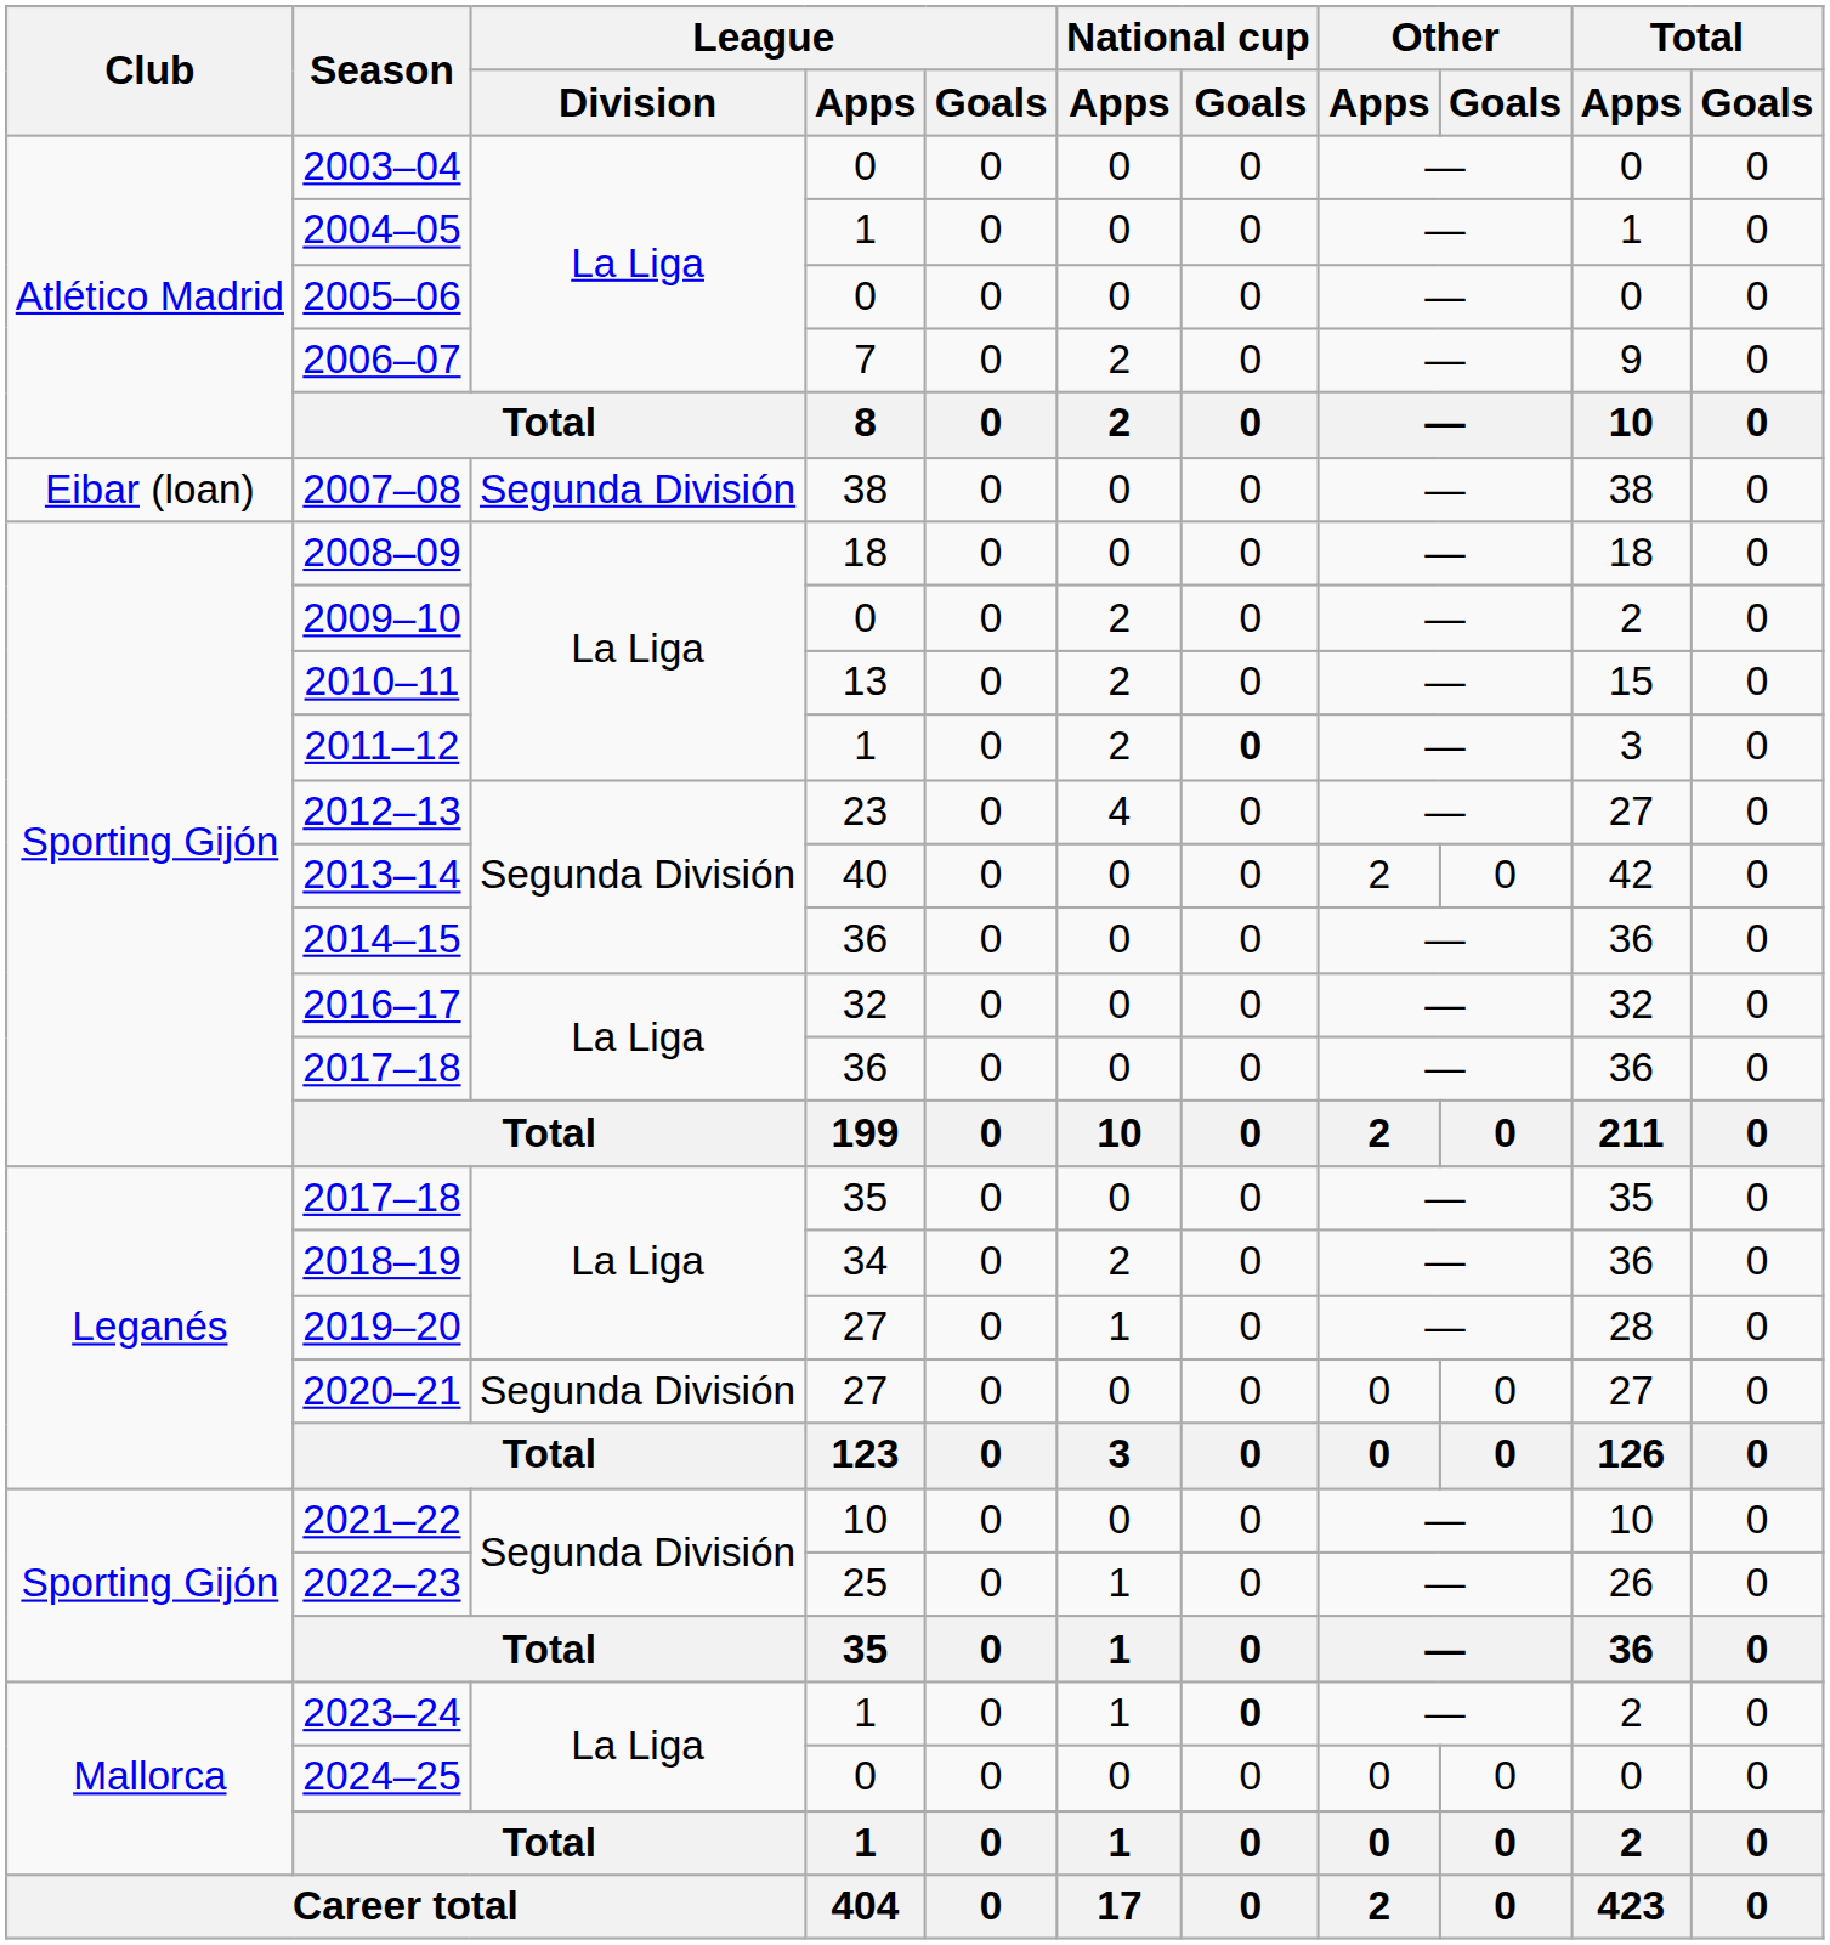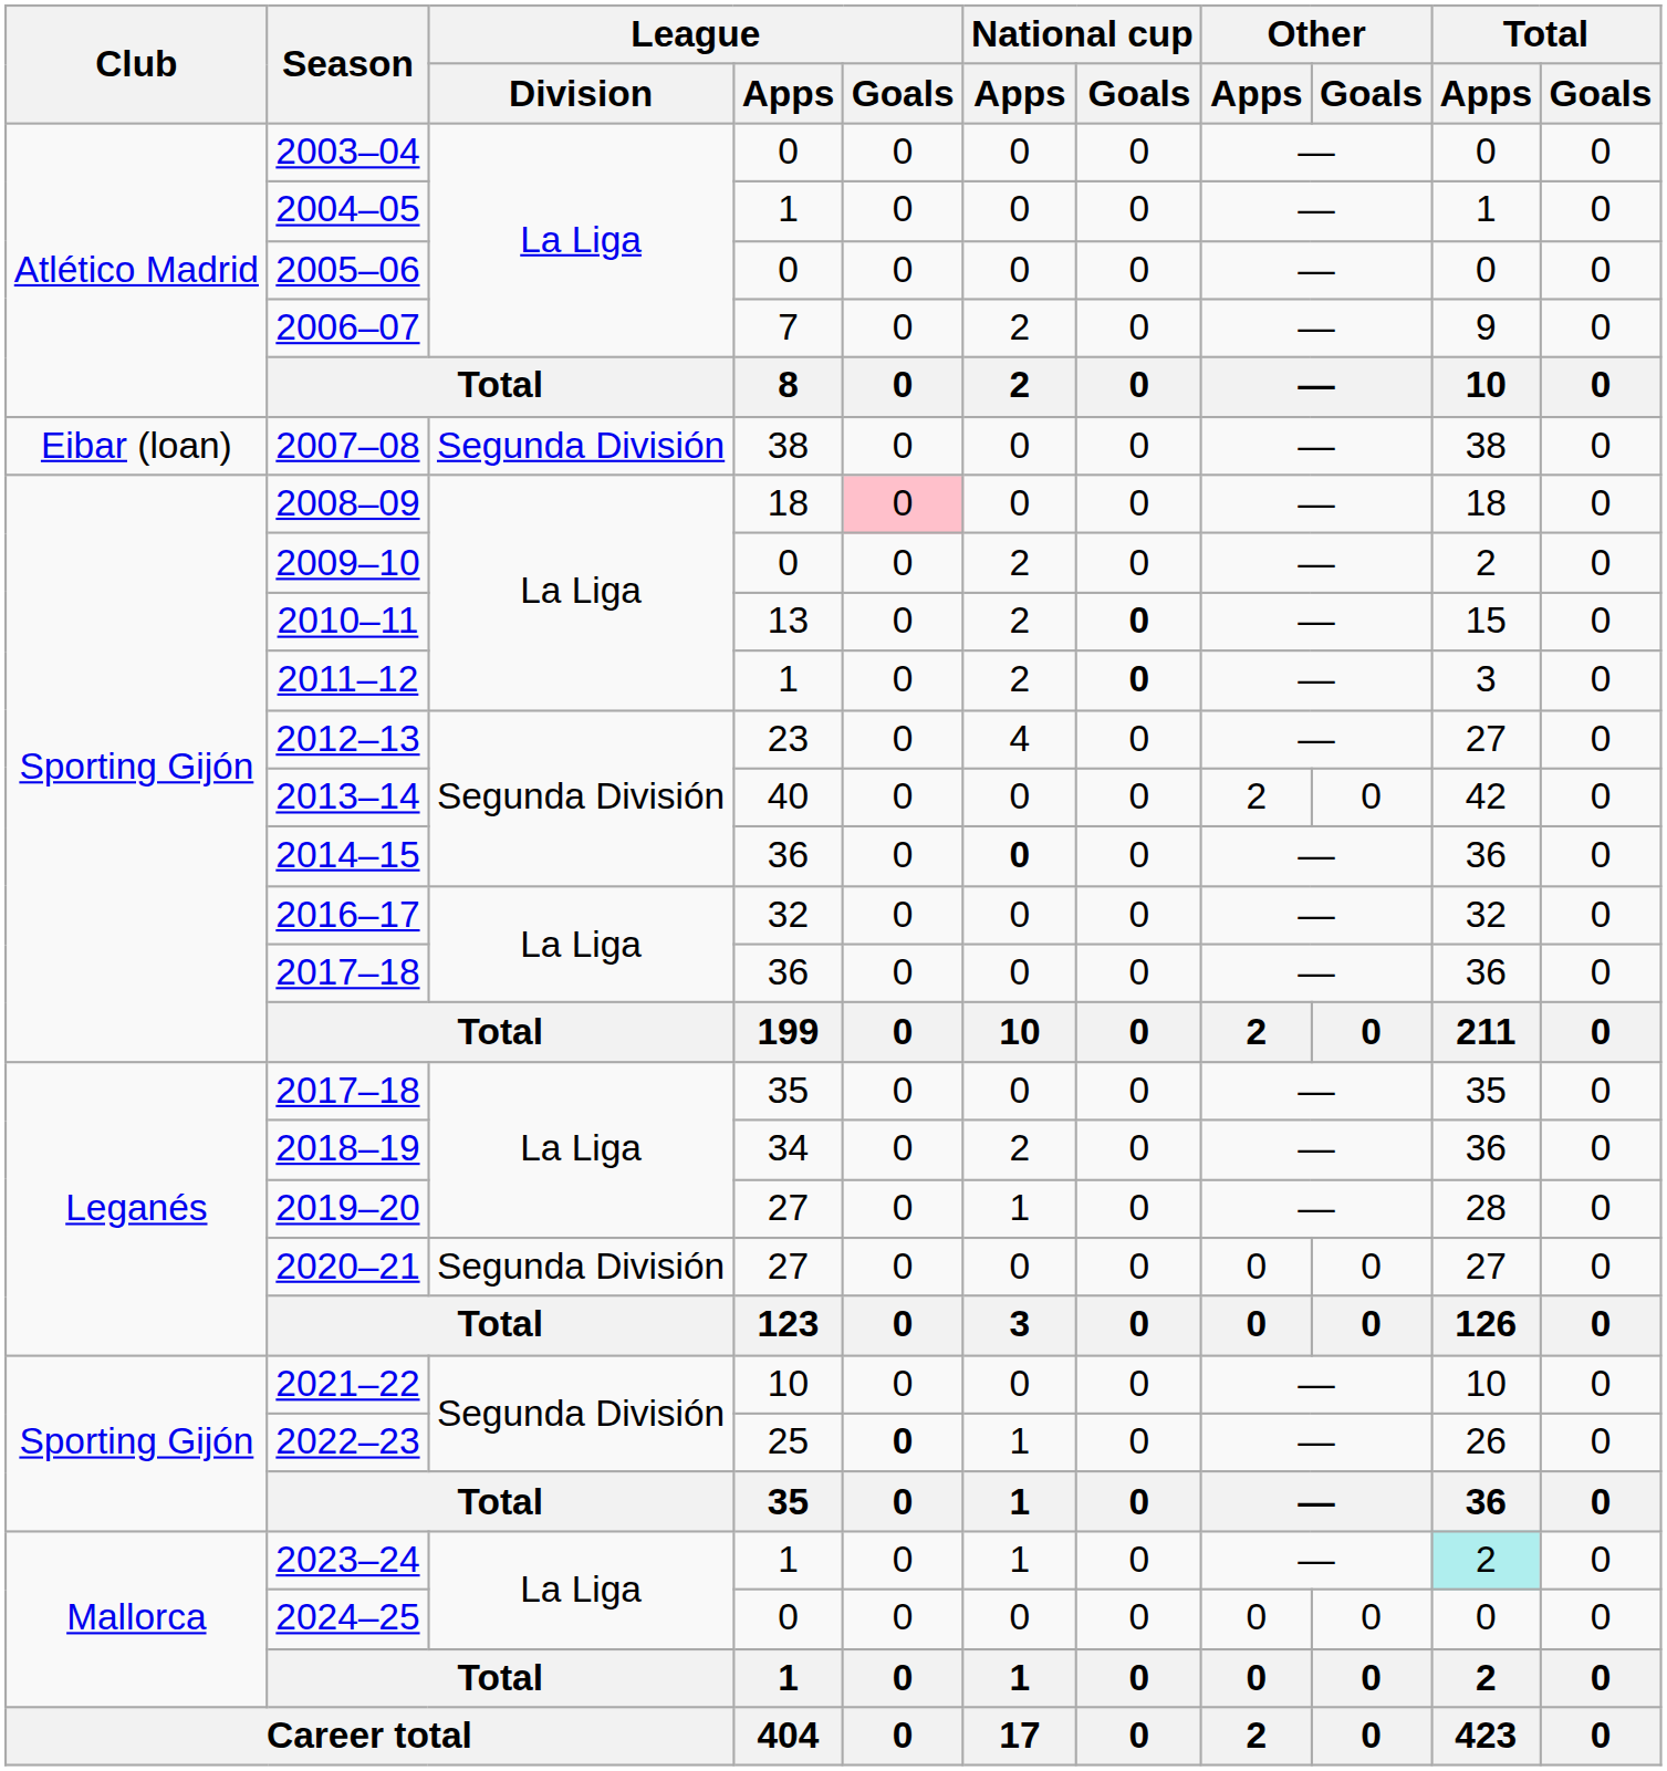 <table class="wikitable" style="text-align:center">
 <tr>
 <th rowspan="2">Club</th>
 <th rowspan="2">Season</th>
 <th colspan="3">League</th>
 <th colspan="2">National cup</th>
 <th colspan="2">Other</th>
 <th colspan="2">Total</th>
 </tr>
 <tr>
 <th>Division</th>
 <th>Apps</th>
 <th>Goals</th>
 <th>Apps</th>
 <th>Goals</th>
 <th>Apps</th>
 <th>Goals</th>
 <th>Apps</th>
 <th>Goals</th>
 </tr>
 <tr>
 <td rowspan="5"><a href='#'>Atlético Madrid</a></td>
 <td><a href='#'>2003–04</a></td>
 <td rowspan="4"><a href='#'>La Liga</a></td>
 <td>0</td>
 <td>0</td>
 <td>0</td>
 <td>0</td>
 <td colspan="2">—</td>
 <td>0</td>
 <td>0</td>
 </tr>
 <tr>
 <td><a href='#'>2004–05</a></td>
 <td>1</td>
 <td>0</td>
 <td>0</td>
 <td>0</td>
 <td colspan="2">—</td>
 <td>1</td>
 <td>0</td>
 </tr>
 <tr>
 <td><a href='#'>2005–06</a></td>
 <td>0</td>
 <td>0</td>
 <td>0</td>
 <td>0</td>
 <td colspan="2">—</td>
 <td>0</td>
 <td>0</td>
 </tr>
 <tr>
 <td><a href='#'>2006–07</a></td>
 <td>7</td>
 <td>0</td>
 <td>2</td>
 <td>0</td>
 <td colspan="2">—</td>
 <td>9</td>
 <td>0</td>
 </tr>
 <tr>
 <th colspan="2">Total</th>
 <th>8</th>
 <th>0</th>
 <th>2</th>
 <th>0</th>
 <th colspan="2">—</th>
 <th>10</th>
 <th>0</th>
 </tr>
 <tr>
 <td><a href='#'>Eibar</a> (loan)</td>
 <td><a href='#'>2007–08</a></td>
 <td><a href='#'>Segunda División</a></td>
 <td>38</td>
 <td>0</td>
 <td>0</td>
 <td>0</td>
 <td colspan="2">—</td>
 <td>38</td>
 <td>0</td>
 </tr>
 <tr>
 <td rowspan="10"><a href='#'>Sporting Gijón</a></td>
 <td><a href='#'>2008–09</a></td>
 <td rowspan="4">La Liga</td>
 <td>18</td>
-<td>0</td>
+<td style="background: pink;">0</td>
 <td>0</td>
 <td>0</td>
 <td colspan="2">—</td>
 <td>18</td>
 <td>0</td>
 </tr>
 <tr>
 <td><a href='#'>2009–10</a></td>
 <td>0</td>
 <td>0</td>
 <td>2</td>
 <td>0</td>
 <td colspan="2">—</td>
 <td>2</td>
 <td>0</td>
 </tr>
 <tr>
 <td><a href='#'>2010–11</a></td>
 <td>13</td>
 <td>0</td>
 <td>2</td>
-<td>0</td>
+<td><strong>0</strong></td>
 <td colspan="2">—</td>
 <td>15</td>
 <td>0</td>
 </tr>
 <tr>
 <td><a href='#'>2011–12</a></td>
 <td>1</td>
 <td>0</td>
 <td>2</td>
 <td><strong>0</strong></td>
 <td colspan="2">—</td>
 <td>3</td>
 <td>0</td>
 </tr>
 <tr>
 <td><a href='#'>2012–13</a></td>
 <td rowspan="3">Segunda División</td>
 <td>23</td>
 <td>0</td>
 <td>4</td>
 <td>0</td>
 <td colspan="2">—</td>
 <td>27</td>
 <td>0</td>
 </tr>
 <tr>
 <td><a href='#'>2013–14</a></td>
 <td>40</td>
 <td>0</td>
 <td>0</td>
 <td>0</td>
 <td>2</td>
 <td>0</td>
 <td>42</td>
 <td>0</td>
 </tr>
 <tr>
 <td><a href='#'>2014–15</a></td>
 <td>36</td>
 <td>0</td>
-<td>0</td>
+<td><strong>0</strong></td>
 <td>0</td>
 <td colspan="2">—</td>
 <td>36</td>
 <td>0</td>
 </tr>
 <tr>
 <td><a href='#'>2016–17</a></td>
 <td rowspan="2">La Liga</td>
 <td>32</td>
 <td>0</td>
 <td>0</td>
 <td>0</td>
 <td colspan="2">—</td>
 <td>32</td>
 <td>0</td>
 </tr>
 <tr>
 <td><a href='#'>2017–18</a></td>
 <td>36</td>
 <td>0</td>
 <td>0</td>
 <td>0</td>
 <td colspan="2">—</td>
 <td>36</td>
 <td>0</td>
 </tr>
 <tr>
 <th colspan="2">Total</th>
 <th>199</th>
 <th>0</th>
 <th>10</th>
 <th>0</th>
 <th>2</th>
 <th>0</th>
 <th>211</th>
 <th>0</th>
 </tr>
 <tr>
 <td rowspan="5"><a href='#'>Leganés</a></td>
 <td><a href='#'>2017–18</a></td>
 <td rowspan="3">La Liga</td>
 <td>35</td>
 <td>0</td>
 <td>0</td>
 <td>0</td>
 <td colspan="2">—</td>
 <td>35</td>
 <td>0</td>
 </tr>
 <tr>
 <td><a href='#'>2018–19</a></td>
 <td>34</td>
 <td>0</td>
 <td>2</td>
 <td>0</td>
 <td colspan="2">—</td>
 <td>36</td>
 <td>0</td>
 </tr>
 <tr>
 <td><a href='#'>2019–20</a></td>
 <td>27</td>
 <td>0</td>
 <td>1</td>
 <td>0</td>
 <td colspan="2">—</td>
 <td>28</td>
 <td>0</td>
 </tr>
 <tr>
 <td><a href='#'>2020–21</a></td>
 <td>Segunda División</td>
 <td>27</td>
 <td>0</td>
 <td>0</td>
 <td>0</td>
 <td>0</td>
 <td>0</td>
 <td>27</td>
 <td>0</td>
 </tr>
 <tr>
 <th colspan="2">Total</th>
 <th>123</th>
 <th>0</th>
 <th>3</th>
 <th>0</th>
 <th>0</th>
 <th>0</th>
 <th>126</th>
 <th>0</th>
 </tr>
 <tr>
 <td rowspan="3"><a href='#'>Sporting Gijón</a></td>
 <td><a href='#'>2021–22</a></td>
 <td rowspan="2">Segunda División</td>
 <td>10</td>
 <td>0</td>
 <td>0</td>
 <td>0</td>
 <td colspan="2">—</td>
 <td>10</td>
 <td>0</td>
 </tr>
 <tr>
 <td><a href='#'>2022–23</a></td>
 <td>25</td>
-<td>0</td>
+<td><strong>0</strong></td>
 <td>1</td>
 <td>0</td>
 <td colspan="2">—</td>
 <td>26</td>
 <td>0</td>
 </tr>
 <tr>
 <th colspan="2">Total</th>
 <th>35</th>
 <th>0</th>
 <th>1</th>
 <th>0</th>
 <th colspan="2">—</th>
 <th>36</th>
 <th>0</th>
 </tr>
 <tr>
 <td rowspan="3"><a href='#'>Mallorca</a></td>
 <td><a href='#'>2023–24</a></td>
 <td rowspan="2">La Liga</td>
 <td>1</td>
 <td>0</td>
 <td>1</td>
-<td><strong>0</strong></td>
+<td>0</td>
 <td colspan="2">—</td>
-<td>2</td>
+<td style="background: paleturquoise;">2</td>
 <td>0</td>
 </tr>
 <tr>
 <td><a href='#'>2024–25</a></td>
 <td>0</td>
 <td>0</td>
 <td>0</td>
 <td>0</td>
 <td>0</td>
 <td>0</td>
 <td>0</td>
 <td>0</td>
 </tr>
 <tr>
 <th colspan="2">Total</th>
 <th>1</th>
 <th>0</th>
 <th>1</th>
 <th>0</th>
 <th>0</th>
 <th>0</th>
 <th>2</th>
 <th>0</th>
 </tr>
 <tr>
 <th colspan="3">Career total</th>
 <th>404</th>
 <th>0</th>
 <th>17</th>
 <th>0</th>
 <th>2</th>
 <th>0</th>
 <th>423</th>
 <th>0</th>
 </tr>
 </table>
